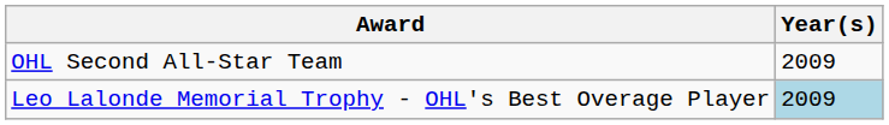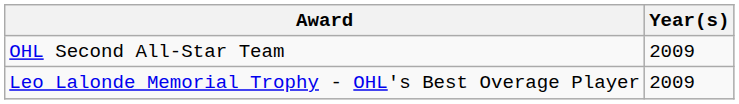 <table class="wikitable">
 <tr>
 <th>Award</th>
 <th>Year(s)</th>
 </tr>
 <tr>
 <td><a href='#'>OHL</a> Second All-Star Team</td>
 <td>2009</td>
 </tr>
 <tr>
 <td><a href='#'>Leo Lalonde Memorial Trophy</a> - <a href='#'>OHL</a>'s Best Overage Player</td>
-<td style="background: lightblue;">2009</td>
+<td>2009</td>
 </tr>
 </table>
